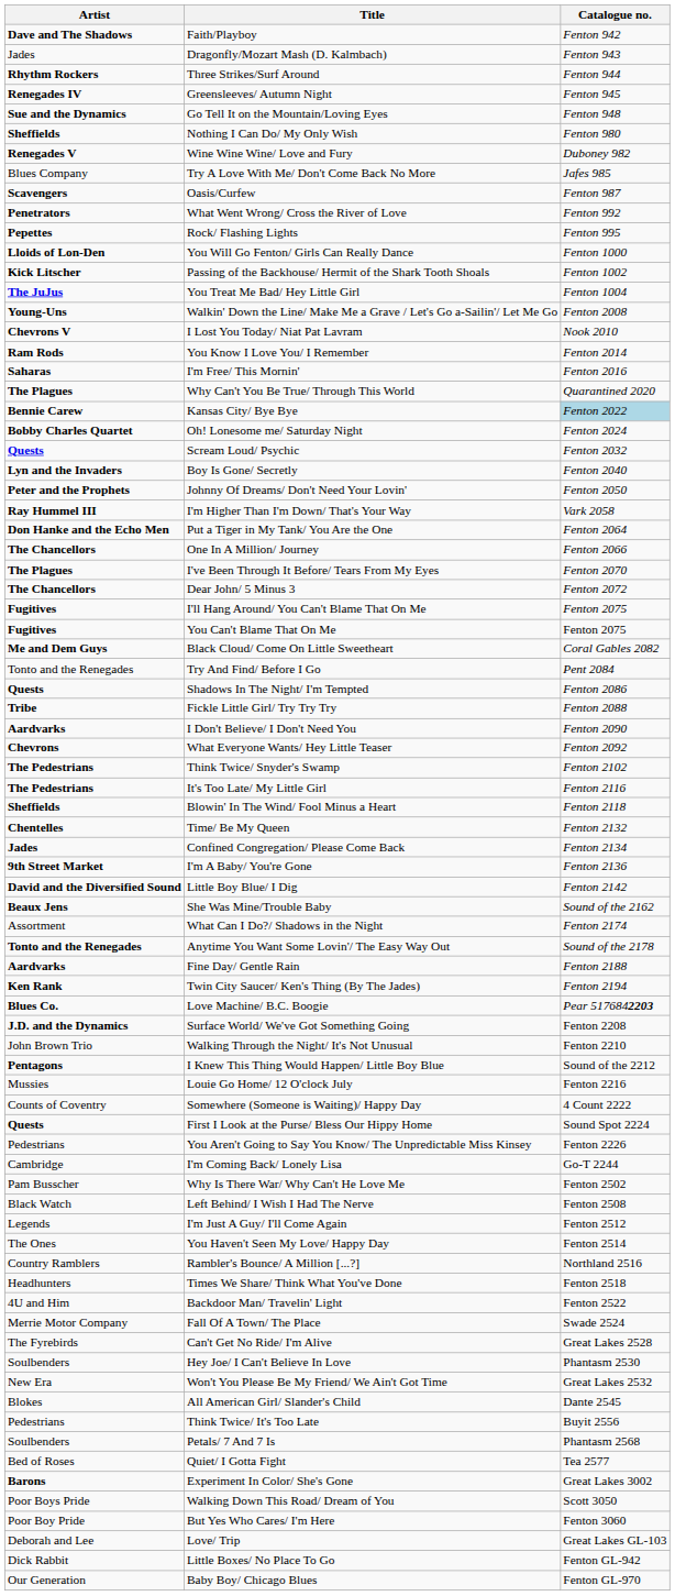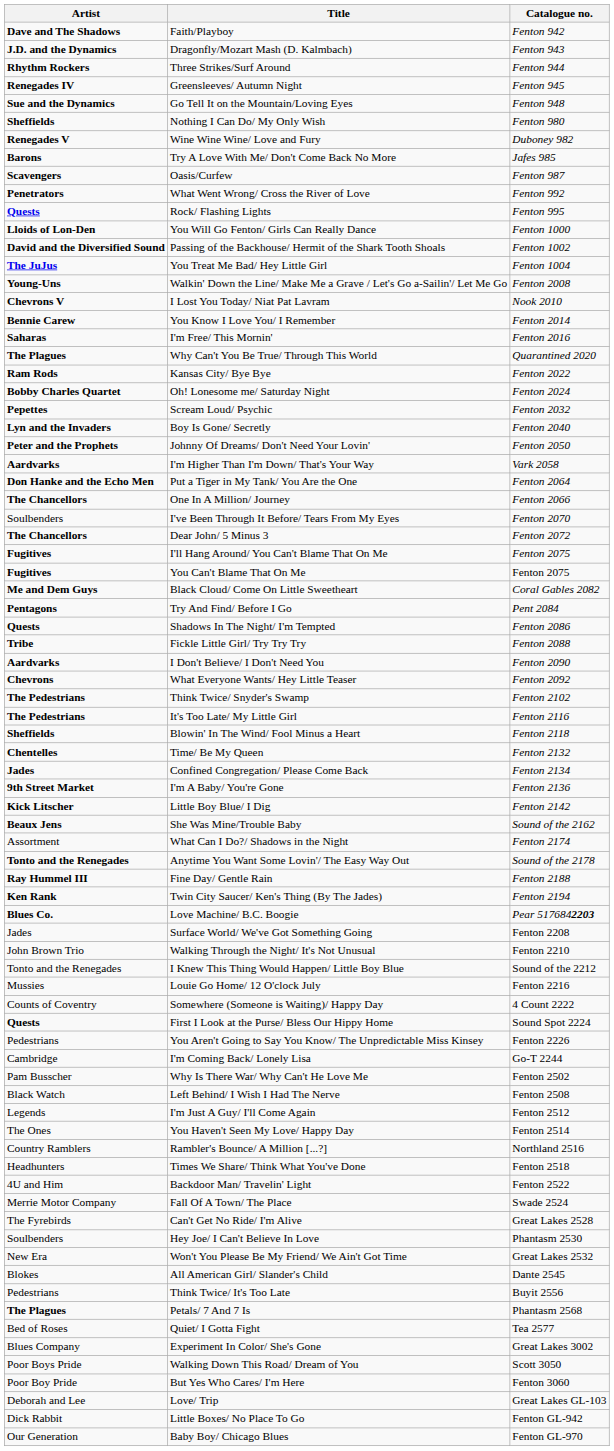 <table class="wikitable sortable">
 <tr>
 <th>Artist</th>
 <th>Title</th>
 <th>Catalogue no.</th>
 </tr>
 <tr>
 <td><strong>Dave and The Shadows</strong></td>
 <td>Faith/Playboy</td>
 <td><em>Fenton 942</em></td>
 </tr>
 <tr>
-<td></strong>Jades<strong></td>
+<td><strong>J.D. and the Dynamics</strong></td>
 <td>Dragonfly/Mozart Mash (D. Kalmbach)</td>
 <td><em>Fenton 943</em></td>
 </tr>
 <tr>
 <td><strong>Rhythm Rockers</strong></td>
 <td>Three Strikes/Surf Around</td>
 <td><em>Fenton 944</em></td>
 </tr>
 <tr>
 <td><strong>Renegades IV</strong></td>
 <td>Greensleeves/ Autumn Night</td>
 <td><em>Fenton 945</em></td>
 </tr>
 <tr>
 <td><strong>Sue and the Dynamics</strong></td>
 <td>Go Tell It on the Mountain/Loving Eyes</td>
 <td><em>Fenton 948</em></td>
 </tr>
 <tr>
 <td><strong>Sheffields</strong></td>
 <td>Nothing I Can Do/ My Only Wish</td>
 <td><em>Fenton 980</em></td>
 </tr>
 <tr>
 <td><strong>Renegades V</strong></td>
 <td>Wine Wine Wine/ Love and Fury</td>
 <td><em>Duboney 982</em></td>
 </tr>
 <tr>
-<td></strong>Blues Company<strong></td>
+<td><strong>Barons</strong></td>
 <td>Try A Love With Me/ Don't Come Back No More</td>
 <td><em>Jafes 985</em></td>
 </tr>
 <tr>
 <td><strong>Scavengers</strong></td>
 <td>Oasis/Curfew</td>
 <td><em>Fenton 987</em></td>
 </tr>
 <tr>
 <td><strong>Penetrators</strong></td>
 <td>What Went Wrong/ Cross the River of Love</td>
 <td><em>Fenton 992</em></td>
 </tr>
 <tr>
-<td><strong>Pepettes</strong></td>
+<td><strong><a href='#'>Quests</a></strong></td>
 <td>Rock/ Flashing Lights</td>
 <td><em>Fenton 995</em></td>
 </tr>
 <tr>
 <td><strong>Lloids of Lon-Den</strong></td>
 <td>You Will Go Fenton/ Girls Can Really Dance</td>
 <td><em>Fenton 1000</em></td>
 </tr>
 <tr>
-<td><strong>Kick Litscher</strong></td>
+<td><strong>David and the Diversified Sound</strong></td>
 <td>Passing of the Backhouse/ Hermit of the Shark Tooth Shoals</td>
 <td><em>Fenton 1002</em></td>
 </tr>
 <tr>
 <td><strong><a href='#'>The JuJus</a></strong></td>
 <td>You Treat Me Bad/ Hey Little Girl</td>
 <td><em>Fenton 1004</em></td>
 </tr>
 <tr>
 <td><strong>Young-Uns</strong></td>
 <td>Walkin' Down the Line/ Make Me a Grave / Let's Go a-Sailin'/ Let Me Go</td>
 <td><em>Fenton 2008</em></td>
 </tr>
 <tr>
 <td><strong>Chevrons V</strong></td>
 <td>I Lost You Today/ Niat Pat Lavram</td>
 <td><em>Nook 2010</em></td>
 </tr>
 <tr>
-<td><strong>Ram Rods</strong></td>
+<td><strong>Bennie Carew</strong></td>
 <td>You Know I Love You/ I Remember</td>
 <td><em>Fenton 2014</em></td>
 </tr>
 <tr>
 <td><strong>Saharas</strong></td>
 <td>I'm Free/ This Mornin'</td>
 <td><em>Fenton 2016</em></td>
 </tr>
 <tr>
 <td><strong>The Plagues</strong></td>
 <td>Why Can't You Be True/ Through This World</td>
 <td><em>Quarantined 2020</em></td>
 </tr>
 <tr>
-<td><strong>Bennie Carew</strong></td>
+<td><strong>Ram Rods</strong></td>
 <td>Kansas City/ Bye Bye</td>
-<td style="background: lightblue;"><em>Fenton 2022</em></td>
+<td><em>Fenton 2022</em></td>
 </tr>
 <tr>
 <td><strong>Bobby Charles Quartet</strong></td>
 <td>Oh! Lonesome me/ Saturday Night</td>
 <td><em>Fenton 2024</em></td>
 </tr>
 <tr>
-<td><strong><a href='#'>Quests</a></strong></td>
+<td><strong>Pepettes</strong></td>
 <td>Scream Loud/ Psychic</td>
 <td><em>Fenton 2032</em></td>
 </tr>
 <tr>
 <td><strong>Lyn and the Invaders</strong></td>
 <td>Boy Is Gone/ Secretly</td>
 <td><em>Fenton 2040</em></td>
 </tr>
 <tr>
 <td><strong>Peter and the Prophets</strong></td>
 <td>Johnny Of Dreams/ Don't Need Your Lovin'</td>
 <td><em>Fenton 2050</em></td>
 </tr>
 <tr>
-<td><strong>Ray Hummel III</strong></td>
+<td><strong>Aardvarks</strong></td>
 <td>I'm Higher Than I'm Down/ That's Your Way</td>
 <td><em>Vark 2058</em></td>
 </tr>
 <tr>
 <td><strong>Don Hanke and the Echo Men</strong></td>
 <td>Put a Tiger in My Tank/ You Are the One</td>
 <td><em>Fenton 2064</em></td>
 </tr>
 <tr>
 <td><strong>The Chancellors</strong></td>
 <td>One In A Million/ Journey</td>
 <td><em>Fenton 2066</em></td>
 </tr>
 <tr>
-<td><strong>The Plagues</strong></td>
+<td></strong>Soulbenders<strong></td>
 <td>I've Been Through It Before/ Tears From My Eyes</td>
 <td><em>Fenton 2070</em></td>
 </tr>
 <tr>
 <td><strong>The Chancellors</strong></td>
 <td>Dear John/ 5 Minus 3</td>
 <td><em>Fenton 2072</em></td>
 </tr>
 <tr>
 <td><strong>Fugitives</strong></td>
 <td>I'll Hang Around/ You Can't Blame That On Me</td>
 <td><em>Fenton 2075</em></td>
 </tr>
 <tr>
 <td><strong>Fugitives</strong></td>
 <td>You Can't Blame That On Me</td>
 <td>Fenton 2075</td>
 </tr>
 <tr>
 <td><strong>Me and Dem Guys</strong></td>
 <td>Black Cloud/ Come On Little Sweetheart</td>
 <td><em>Coral Gables 2082</em></td>
 </tr>
 <tr>
-<td></strong>Tonto and the Renegades<strong></td>
+<td><strong>Pentagons</strong></td>
 <td>Try And Find/ Before I Go</td>
 <td><em>Pent 2084</em></td>
 </tr>
 <tr>
 <td><strong>Quests</strong></td>
 <td>Shadows In The Night/ I'm Tempted</td>
 <td><em>Fenton 2086</em></td>
 </tr>
 <tr>
 <td><strong>Tribe</strong></td>
 <td>Fickle Little Girl/ Try Try Try</td>
 <td><em>Fenton 2088</em></td>
 </tr>
 <tr>
 <td><strong>Aardvarks</strong></td>
 <td>I Don't Believe/ I Don't Need You</td>
 <td><em>Fenton 2090</em></td>
 </tr>
 <tr>
 <td><strong>Chevrons</strong></td>
 <td>What Everyone Wants/ Hey Little Teaser</td>
 <td><em>Fenton 2092</em></td>
 </tr>
 <tr>
 <td><strong>The Pedestrians</strong></td>
 <td>Think Twice/ Snyder's Swamp</td>
 <td><em>Fenton 2102</em></td>
 </tr>
 <tr>
 <td><strong>The Pedestrians</strong></td>
 <td>It's Too Late/ My Little Girl</td>
 <td><em>Fenton 2116</em></td>
 </tr>
 <tr>
 <td><strong>Sheffields</strong></td>
 <td>Blowin' In The Wind/ Fool Minus a Heart</td>
 <td><em>Fenton 2118</em></td>
 </tr>
 <tr>
 <td><strong>Chentelles</strong></td>
 <td>Time/ Be My Queen</td>
 <td><em>Fenton 2132</em></td>
 </tr>
 <tr>
 <td><strong>Jades</strong></td>
 <td>Confined Congregation/ Please Come Back</td>
 <td><em>Fenton 2134</em></td>
 </tr>
 <tr>
 <td><strong>9th Street Market</strong></td>
 <td>I'm A Baby/ You're Gone</td>
 <td><em>Fenton 2136</em></td>
 </tr>
 <tr>
-<td><strong>David and the Diversified Sound</strong></td>
+<td><strong>Kick Litscher</strong></td>
 <td>Little Boy Blue/ I Dig</td>
 <td><em>Fenton 2142</em></td>
 </tr>
 <tr>
 <td><strong>Beaux Jens</strong></td>
 <td>She Was Mine/Trouble Baby</td>
 <td><em>Sound of the  2162</em></td>
 </tr>
 <tr>
 <td></strong>Assortment<strong></td>
 <td>What Can I Do?/ Shadows in the Night</td>
 <td><em>Fenton 2174</em></td>
 </tr>
 <tr>
 <td><strong>Tonto and the Renegades</strong></td>
 <td>Anytime You Want Some Lovin'/ The Easy Way Out</td>
 <td><em>Sound of the  2178</em></td>
 </tr>
 <tr>
-<td><strong>Aardvarks</strong></td>
+<td><strong>Ray Hummel III</strong></td>
 <td>Fine Day/ Gentle Rain</td>
 <td><em>Fenton 2188</em></td>
 </tr>
 <tr>
 <td><strong>Ken Rank</strong></td>
 <td>Twin City Saucer/ Ken's Thing (By The Jades)</td>
 <td><em>Fenton 2194</em></td>
 </tr>
 <tr>
 <td><strong>Blues Co.</strong></td>
 <td>Love Machine/ B.C. Boogie</td>
 <td><em>Pear 517684<strong>2203<strong><em></td>
 </tr>
 <tr>
-<td><strong>J.D. and the Dynamics</strong></td>
+<td></strong>Jades<strong></td>
 <td>Surface World/ We've Got Something Going</td>
 <td>Fenton 2208</td>
 </tr>
 <tr>
 <td></strong>John Brown Trio<strong></td>
 <td>Walking Through the Night/ It's Not Unusual</td>
 <td>Fenton 2210</td>
 </tr>
 <tr>
-<td><strong>Pentagons</strong></td>
+<td></strong>Tonto and the Renegades<strong></td>
 <td>I Knew This Thing Would Happen/ Little Boy Blue</td>
 <td>Sound of the  2212</td>
 </tr>
 <tr>
 <td></strong>Mussies<strong></td>
 <td>Louie Go Home/ 12 O'clock July</td>
 <td>Fenton 2216</td>
 </tr>
 <tr>
 <td></strong>Counts of Coventry<strong></td>
 <td>Somewhere (Someone is Waiting)/ Happy Day</td>
 <td>4 Count 2222</td>
 </tr>
 <tr>
 <td><strong>Quests</strong></td>
 <td>First I Look at the Purse/ Bless Our Hippy Home</td>
 <td>Sound Spot 2224</td>
 </tr>
 <tr>
 <td></strong>Pedestrians<strong></td>
 <td>You Aren't Going to Say You Know/ The Unpredictable Miss Kinsey</td>
 <td>Fenton 2226</td>
 </tr>
 <tr>
 <td></strong>Cambridge<strong></td>
 <td>I'm Coming Back/ Lonely Lisa</td>
 <td>Go-T 2244</td>
 </tr>
 <tr>
 <td></strong>Pam Busscher<strong></td>
 <td>Why Is There War/ Why Can't He Love Me</td>
 <td>Fenton 2502</td>
 </tr>
 <tr>
 <td></strong>Black Watch<strong></td>
 <td>Left Behind/ I Wish I Had The Nerve</td>
 <td>Fenton 2508</td>
 </tr>
 <tr>
 <td></strong>Legends<strong></td>
 <td>I'm Just A Guy/ I'll Come Again</td>
 <td>Fenton 2512</td>
 </tr>
 <tr>
 <td></strong>The Ones<strong></td>
 <td>You Haven't Seen My Love/ Happy Day</td>
 <td>Fenton 2514</td>
 </tr>
 <tr>
 <td></strong>Country Ramblers<strong></td>
 <td>Rambler's Bounce/ A Million [...?]</td>
 <td>Northland 2516</td>
 </tr>
 <tr>
 <td></strong>Headhunters<strong></td>
 <td>Times We Share/ Think What You've Done</td>
 <td>Fenton 2518</td>
 </tr>
 <tr>
 <td></strong>4U and Him<strong></td>
 <td>Backdoor Man/ Travelin' Light</td>
 <td>Fenton 2522</td>
 </tr>
 <tr>
 <td></strong>Merrie Motor Company<strong></td>
 <td>Fall Of A Town/ The Place</td>
 <td>Swade 2524</td>
 </tr>
 <tr>
 <td></strong>The Fyrebirds<strong></td>
 <td>Can't Get No Ride/ I'm Alive</td>
 <td>Great Lakes 2528</td>
 </tr>
 <tr>
 <td></strong>Soulbenders<strong></td>
 <td>Hey Joe/ I Can't Believe In Love</td>
 <td>Phantasm 2530</td>
 </tr>
 <tr>
 <td></strong>New Era<strong></td>
 <td>Won't You Please Be My Friend/ We Ain't Got Time</td>
 <td>Great Lakes 2532</td>
 </tr>
 <tr>
 <td></strong>Blokes<strong></td>
 <td>All American Girl/ Slander's Child</td>
 <td>Dante 2545</td>
 </tr>
 <tr>
 <td></strong>Pedestrians<strong></td>
 <td>Think Twice/ It's Too Late</td>
 <td>Buyit 2556</td>
 </tr>
 <tr>
-<td></strong>Soulbenders<strong></td>
+<td><strong>The Plagues</strong></td>
 <td>Petals/ 7 And 7 Is</td>
 <td>Phantasm 2568</td>
 </tr>
 <tr>
 <td></strong>Bed of Roses<strong></td>
 <td>Quiet/ I Gotta Fight</td>
 <td>Tea 2577</td>
 </tr>
 <tr>
-<td><strong>Barons</strong></td>
+<td></strong>Blues Company<strong></td>
 <td>Experiment In Color/ She's Gone</td>
 <td>Great Lakes 3002</td>
 </tr>
 <tr>
 <td></strong>Poor Boys Pride<strong></td>
 <td>Walking Down This Road/ Dream of You</td>
 <td>Scott 3050</td>
 </tr>
 <tr>
 <td></strong>Poor Boy Pride<strong></td>
 <td>But Yes Who Cares/ I'm Here</td>
 <td>Fenton 3060</td>
 </tr>
 <tr>
 <td></strong>Deborah and Lee<strong></td>
 <td>Love/ Trip</td>
 <td>Great Lakes GL-103</td>
 </tr>
 <tr>
 <td></strong>Dick Rabbit<strong></td>
 <td>Little Boxes/ No Place To Go</td>
 <td>Fenton GL-942</td>
 </tr>
 <tr>
 <td></strong>Our Generation<strong></td>
 <td>Baby Boy/ Chicago Blues</td>
 <td>Fenton GL-970</td>
 </tr>
 </table>
